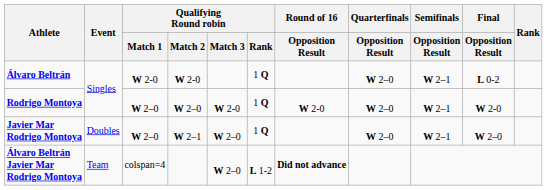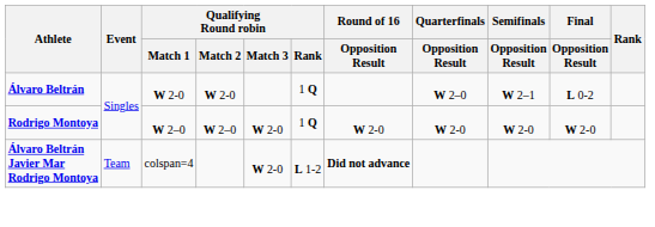 <table class="wikitable" style="font-size:90%">
 <tr>
 <th rowspan="2">Athlete</th>
 <th rowspan="2">Event</th>
 <th colspan="4">Qualifying<br>Round robin</th>
 <th>Round of 16</th>
 <th>Quarterfinals</th>
 <th>Semifinals</th>
 <th>Final</th>
 <th rowspan="2">Rank</th>
 </tr>
 <tr>
 <th>Match 1</th>
 <th>Match 2</th>
 <th>Match 3</th>
 <th>Rank</th>
 <th>Opposition<br>Result</th>
 <th>Opposition<br>Result</th>
 <th>Opposition<br>Result</th>
 <th>Opposition<br>Result</th>
 </tr>
 <tr align=center>
 <td align=left><strong><a href='#'>Álvaro Beltrán</a></strong></td>
 <td rowspan=2 align=left><a href='#'>Singles</a></td>
 <td><br><strong>W</strong> 2-0</td>
 <td><br><strong>W</strong> 2-0</td>
 <td></td>
 <td>1 <strong>Q</strong></td>
 <td></td>
 <td><br><strong>W</strong> 2–0</td>
 <td><br><strong>W</strong> 2–1</td>
 <td><br><strong>L</strong> 0-2</td>
 <td></td>
 </tr>
 <tr align=center>
 <td align=left><strong><a href='#'>Rodrigo Montoya</a></strong></td>
 <td><br><strong>W</strong> 2–0</td>
 <td><br><strong>W</strong> 2–0</td>
 <td><br><strong>W</strong> 2-0</td>
 <td>1 <strong>Q</strong></td>
 <td><br><strong>W</strong> 2-0</td>
-<td><br><strong>W</strong> 2–0</td>
-<td><br><strong>W</strong> 2–1</td>
 <td><br><strong>W</strong> 2-0</td>
-<td></td>
-</tr>
-<tr align=center>
-<td align=left><strong><a href='#'>Javier Mar</a><br><a href='#'>Rodrigo Montoya</a></strong></td>
-<td align=left><a href='#'>Doubles</a></td>
-<td><br><strong>W</strong> 2–0</td>
-<td><br><strong>W</strong> 2–1</td>
-<td><br><strong>W</strong> 2–0</td>
-<td>1 <strong>Q</strong></td>
-<td></td>
-<td><br><strong>W</strong> 2–0</td>
-<td><br><strong>W</strong> 2–1</td>
-<td><br><strong>W</strong> 2–0</td>
+<td><br><strong>W</strong> 2-0</td>
+<td><br><strong>W</strong> 2-0</td>
 <td></td>
 </tr>
 <tr align=center>
 <td align=left><strong><a href='#'>Álvaro Beltrán</a><br><a href='#'>Javier Mar</a><br><a href='#'>Rodrigo Montoya</a></strong></td>
 <td align=left><a href='#'>Team</a></td>
 <td>colspan=4 </td>
 <td></td>
-<td><br><strong>W</strong> 2–0</td>
+<td><br><strong>W</strong> 2-0</td>
 <td><br><strong>L</strong> 1-2</td>
 <td><strong>Did not advance</strong></td>
 <td></td>
 </tr>
 </table>
